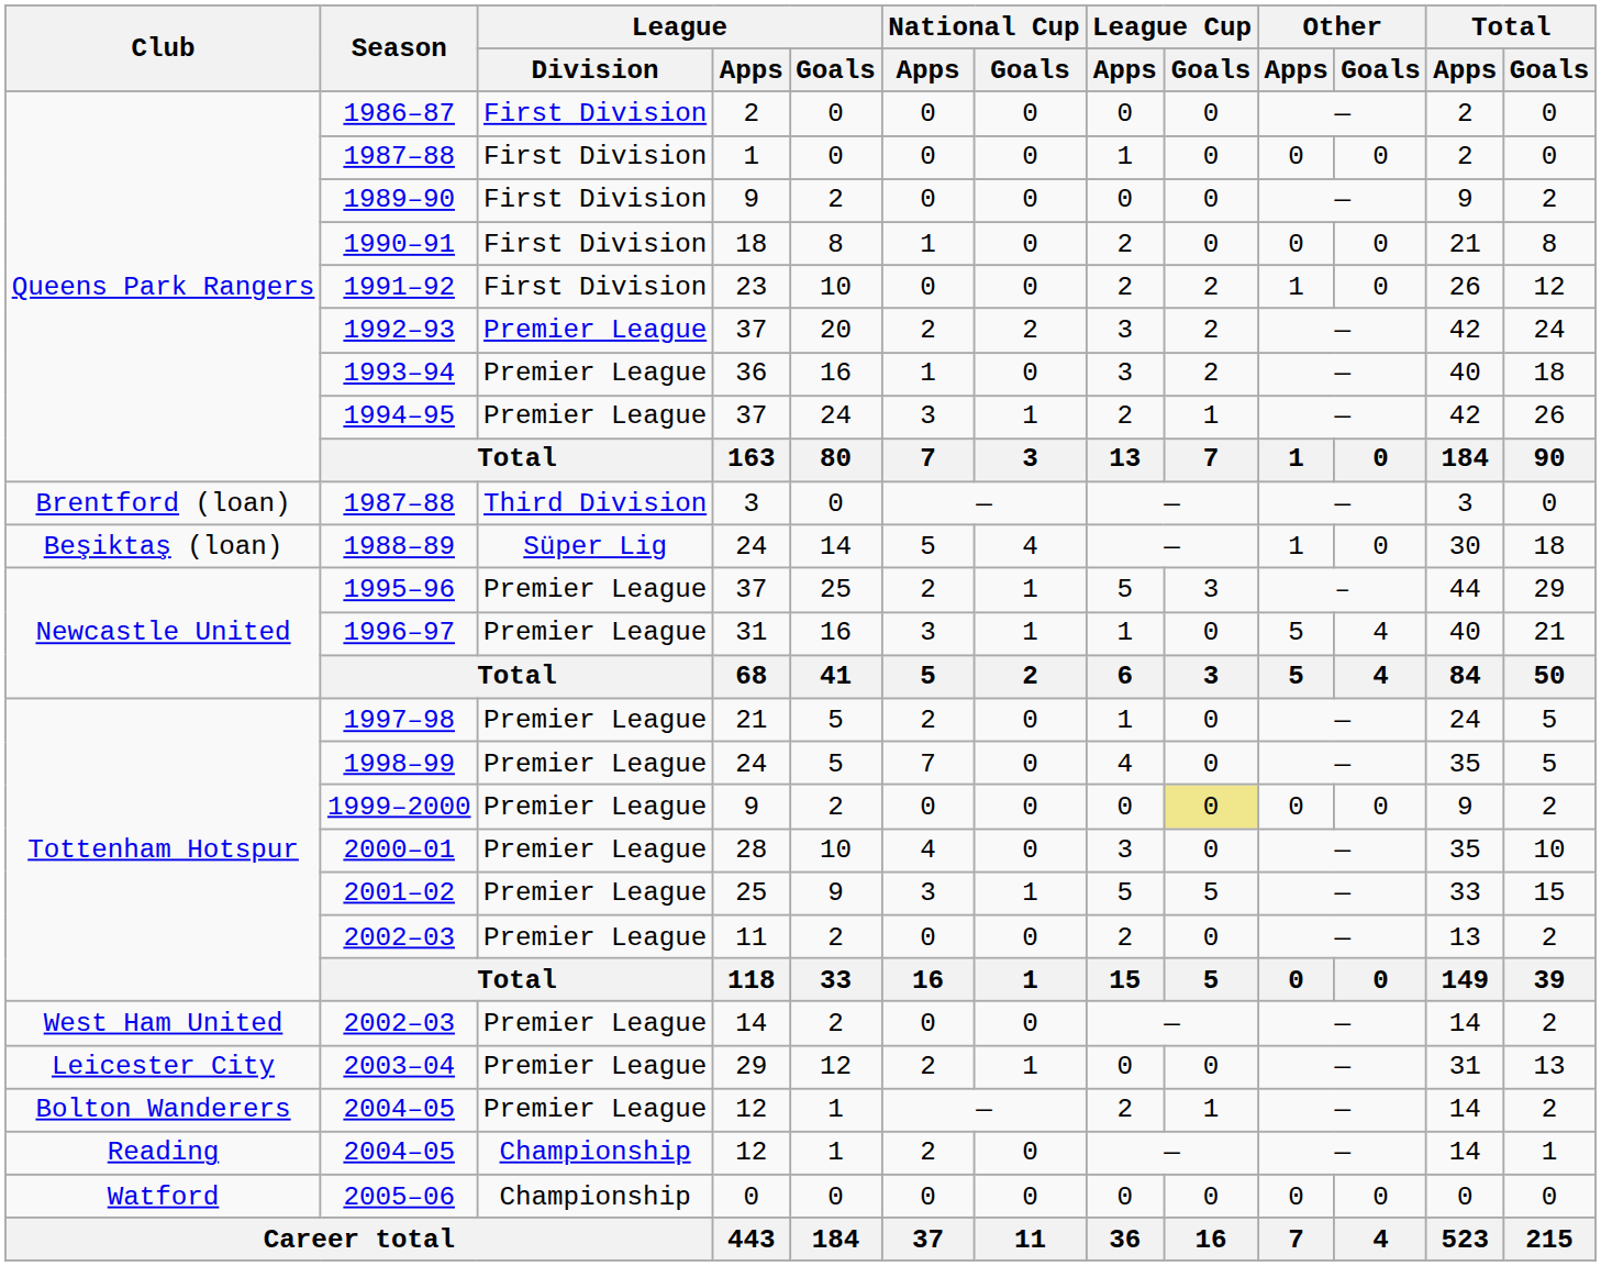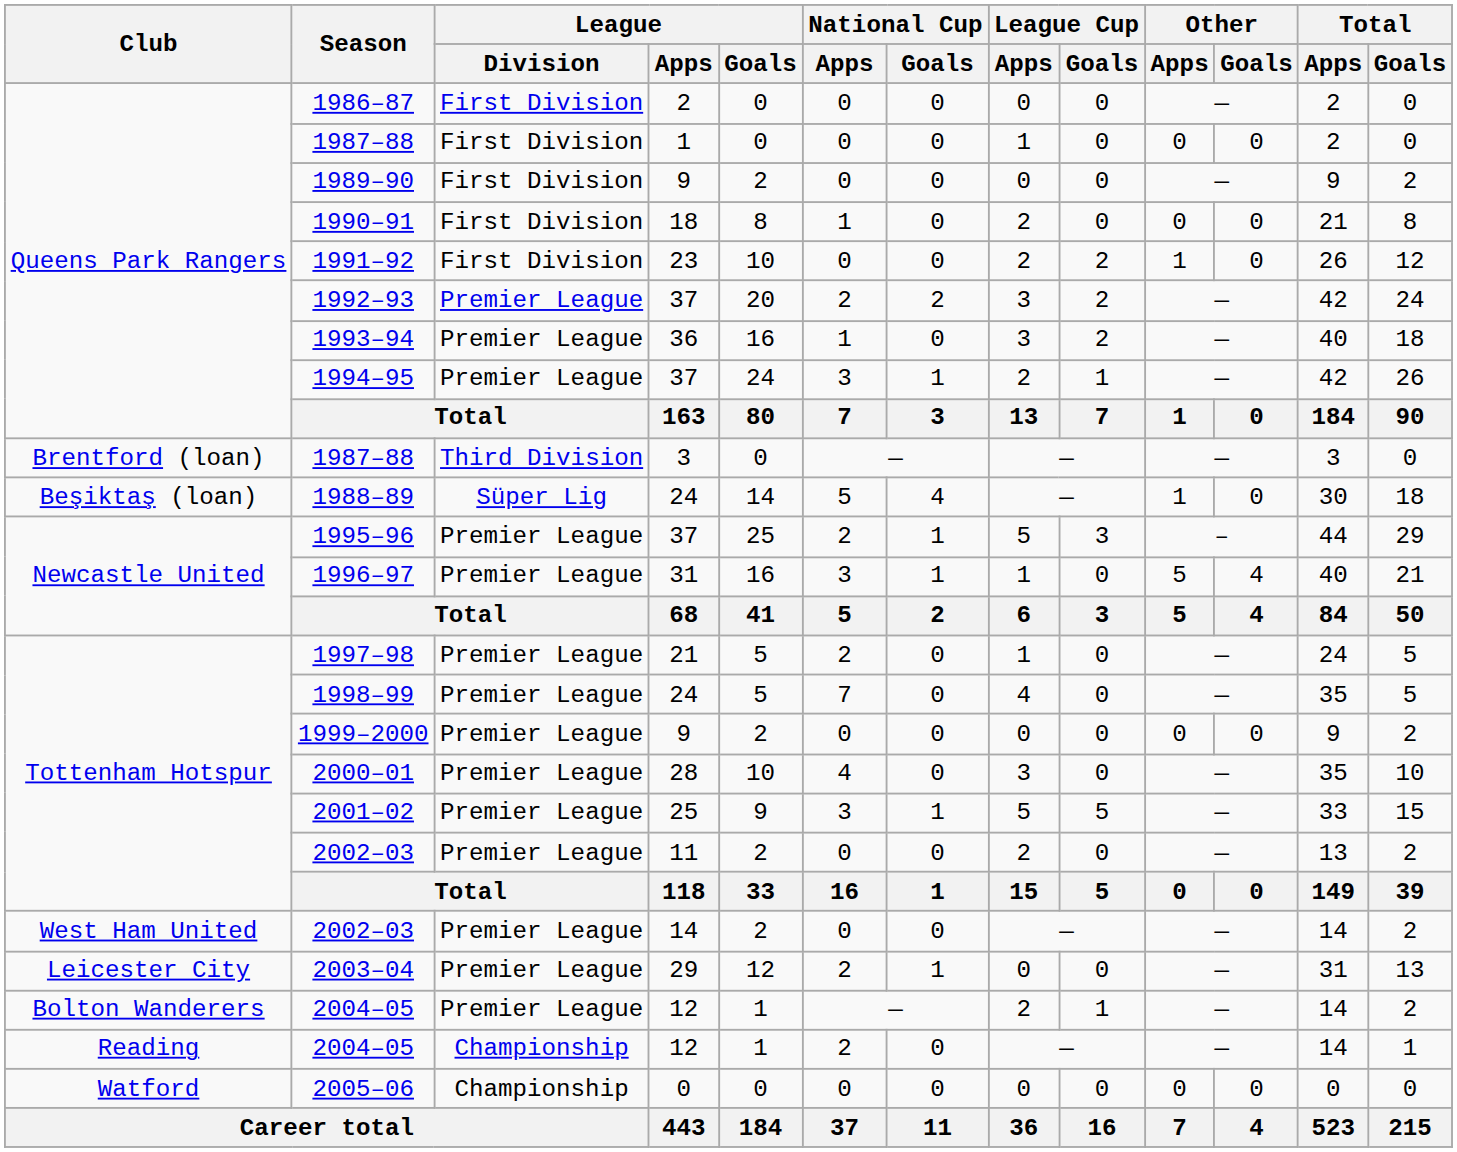 <table class="wikitable" style="text-align: center;">
 <tr>
 <th rowspan="2">Club</th>
 <th rowspan="2">Season</th>
 <th colspan="3">League</th>
 <th colspan="2">National Cup</th>
 <th colspan="2">League Cup</th>
 <th colspan="2">Other</th>
 <th colspan="2">Total</th>
 </tr>
 <tr>
 <th>Division</th>
 <th>Apps</th>
 <th>Goals</th>
 <th>Apps</th>
 <th>Goals</th>
 <th>Apps</th>
 <th>Goals</th>
 <th>Apps</th>
 <th>Goals</th>
 <th>Apps</th>
 <th>Goals</th>
 </tr>
 <tr>
 <td rowspan="9"><a href='#'>Queens Park Rangers</a></td>
 <td><a href='#'>1986–87</a></td>
 <td><a href='#'>First Division</a></td>
 <td>2</td>
 <td>0</td>
 <td>0</td>
 <td>0</td>
 <td>0</td>
 <td>0</td>
 <td colspan="2">—</td>
 <td>2</td>
 <td>0</td>
 </tr>
 <tr>
 <td><a href='#'>1987–88</a></td>
 <td>First Division</td>
 <td>1</td>
 <td>0</td>
 <td>0</td>
 <td>0</td>
 <td>1</td>
 <td>0</td>
 <td>0</td>
 <td>0</td>
 <td>2</td>
 <td>0</td>
 </tr>
 <tr>
 <td><a href='#'>1989–90</a></td>
 <td>First Division</td>
 <td>9</td>
 <td>2</td>
 <td>0</td>
 <td>0</td>
 <td>0</td>
 <td>0</td>
 <td colspan="2">—</td>
 <td>9</td>
 <td>2</td>
 </tr>
 <tr>
 <td><a href='#'>1990–91</a></td>
 <td>First Division</td>
 <td>18</td>
 <td>8</td>
 <td>1</td>
 <td>0</td>
 <td>2</td>
 <td>0</td>
 <td>0</td>
 <td>0</td>
 <td>21</td>
 <td>8</td>
 </tr>
 <tr>
 <td><a href='#'>1991–92</a></td>
 <td>First Division</td>
 <td>23</td>
 <td>10</td>
 <td>0</td>
 <td>0</td>
 <td>2</td>
 <td>2</td>
 <td>1</td>
 <td>0</td>
 <td>26</td>
 <td>12</td>
 </tr>
 <tr>
 <td><a href='#'>1992–93</a></td>
 <td><a href='#'>Premier League</a></td>
 <td>37</td>
 <td>20</td>
 <td>2</td>
 <td>2</td>
 <td>3</td>
 <td>2</td>
 <td colspan="2">—</td>
 <td>42</td>
 <td>24</td>
 </tr>
 <tr>
 <td><a href='#'>1993–94</a></td>
 <td>Premier League</td>
 <td>36</td>
 <td>16</td>
 <td>1</td>
 <td>0</td>
 <td>3</td>
 <td>2</td>
 <td colspan="2">—</td>
 <td>40</td>
 <td>18</td>
 </tr>
 <tr>
 <td><a href='#'>1994–95</a></td>
 <td>Premier League</td>
 <td>37</td>
 <td>24</td>
 <td>3</td>
 <td>1</td>
 <td>2</td>
 <td>1</td>
 <td colspan="2">—</td>
 <td>42</td>
 <td>26</td>
 </tr>
 <tr>
 <th colspan="2">Total</th>
 <th>163</th>
 <th>80</th>
 <th>7</th>
 <th>3</th>
 <th>13</th>
 <th>7</th>
 <th>1</th>
 <th>0</th>
 <th>184</th>
 <th>90</th>
 </tr>
 <tr>
 <td><a href='#'>Brentford</a> (loan)</td>
 <td><a href='#'>1987–88</a></td>
 <td><a href='#'>Third Division</a></td>
 <td>3</td>
 <td>0</td>
 <td colspan="2">—</td>
 <td colspan="2">—</td>
 <td colspan="2">—</td>
 <td>3</td>
 <td>0</td>
 </tr>
 <tr>
 <td><a href='#'>Beşiktaş</a> (loan)</td>
 <td><a href='#'>1988–89</a></td>
 <td><a href='#'>Süper Lig</a></td>
 <td>24</td>
 <td>14</td>
 <td>5</td>
 <td>4</td>
 <td colspan="2">—</td>
 <td>1</td>
 <td>0</td>
 <td>30</td>
 <td>18</td>
 </tr>
 <tr>
 <td rowspan="3"><a href='#'>Newcastle United</a></td>
 <td><a href='#'>1995–96</a></td>
 <td>Premier League</td>
 <td>37</td>
 <td>25</td>
 <td>2</td>
 <td>1</td>
 <td>5</td>
 <td>3</td>
 <td colspan="2">–</td>
 <td>44</td>
 <td>29</td>
 </tr>
 <tr>
 <td><a href='#'>1996–97</a></td>
 <td>Premier League</td>
 <td>31</td>
 <td>16</td>
 <td>3</td>
 <td>1</td>
 <td>1</td>
 <td>0</td>
 <td>5</td>
 <td>4</td>
 <td>40</td>
 <td>21</td>
 </tr>
 <tr>
 <th colspan="2">Total</th>
 <th>68</th>
 <th>41</th>
 <th>5</th>
 <th>2</th>
 <th>6</th>
 <th>3</th>
 <th>5</th>
 <th>4</th>
 <th>84</th>
 <th>50</th>
 </tr>
 <tr>
 <td rowspan="7"><a href='#'>Tottenham Hotspur</a></td>
 <td><a href='#'>1997–98</a></td>
 <td>Premier League</td>
 <td>21</td>
 <td>5</td>
 <td>2</td>
 <td>0</td>
 <td>1</td>
 <td>0</td>
 <td colspan="2">—</td>
 <td>24</td>
 <td>5</td>
 </tr>
 <tr>
 <td><a href='#'>1998–99</a></td>
 <td>Premier League</td>
 <td>24</td>
 <td>5</td>
 <td>7</td>
 <td>0</td>
 <td>4</td>
 <td>0</td>
 <td colspan="2">—</td>
 <td>35</td>
 <td>5</td>
 </tr>
 <tr>
 <td><a href='#'>1999–2000</a></td>
 <td>Premier League</td>
 <td>9</td>
 <td>2</td>
 <td>0</td>
 <td>0</td>
 <td>0</td>
-<td style="background: khaki;">0</td>
+<td>0</td>
 <td>0</td>
 <td>0</td>
 <td>9</td>
 <td>2</td>
 </tr>
 <tr>
 <td><a href='#'>2000–01</a></td>
 <td>Premier League</td>
 <td>28</td>
 <td>10</td>
 <td>4</td>
 <td>0</td>
 <td>3</td>
 <td>0</td>
 <td colspan="2">—</td>
 <td>35</td>
 <td>10</td>
 </tr>
 <tr>
 <td><a href='#'>2001–02</a></td>
 <td>Premier League</td>
 <td>25</td>
 <td>9</td>
 <td>3</td>
 <td>1</td>
 <td>5</td>
 <td>5</td>
 <td colspan="2">—</td>
 <td>33</td>
 <td>15</td>
 </tr>
 <tr>
 <td><a href='#'>2002–03</a></td>
 <td>Premier League</td>
 <td>11</td>
 <td>2</td>
 <td>0</td>
 <td>0</td>
 <td>2</td>
 <td>0</td>
 <td colspan="2">—</td>
 <td>13</td>
 <td>2</td>
 </tr>
 <tr>
 <th colspan="2">Total</th>
 <th>118</th>
 <th>33</th>
 <th>16</th>
 <th>1</th>
 <th>15</th>
 <th>5</th>
 <th>0</th>
 <th>0</th>
 <th>149</th>
 <th>39</th>
 </tr>
 <tr>
 <td><a href='#'>West Ham United</a></td>
 <td><a href='#'>2002–03</a></td>
 <td>Premier League</td>
 <td>14</td>
 <td>2</td>
 <td>0</td>
 <td>0</td>
 <td colspan="2">—</td>
 <td colspan="2">—</td>
 <td>14</td>
 <td>2</td>
 </tr>
 <tr>
 <td><a href='#'>Leicester City</a></td>
 <td><a href='#'>2003–04</a></td>
 <td>Premier League</td>
 <td>29</td>
 <td>12</td>
 <td>2</td>
 <td>1</td>
 <td>0</td>
 <td>0</td>
 <td colspan="2">—</td>
 <td>31</td>
 <td>13</td>
 </tr>
 <tr>
 <td><a href='#'>Bolton Wanderers</a></td>
 <td><a href='#'>2004–05</a></td>
 <td>Premier League</td>
 <td>12</td>
 <td>1</td>
 <td colspan="2">—</td>
 <td>2</td>
 <td>1</td>
 <td colspan="2">—</td>
 <td>14</td>
 <td>2</td>
 </tr>
 <tr>
 <td><a href='#'>Reading</a></td>
 <td><a href='#'>2004–05</a></td>
 <td><a href='#'>Championship</a></td>
 <td>12</td>
 <td>1</td>
 <td>2</td>
 <td>0</td>
 <td colspan="2">—</td>
 <td colspan="2">—</td>
 <td>14</td>
 <td>1</td>
 </tr>
 <tr>
 <td><a href='#'>Watford</a></td>
 <td><a href='#'>2005–06</a></td>
 <td>Championship</td>
 <td>0</td>
 <td>0</td>
 <td>0</td>
 <td>0</td>
 <td>0</td>
 <td>0</td>
 <td>0</td>
 <td>0</td>
 <td>0</td>
 <td>0</td>
 </tr>
 <tr>
 <th colspan="3">Career total</th>
 <th>443</th>
 <th>184</th>
 <th>37</th>
 <th>11</th>
 <th>36</th>
 <th>16</th>
 <th>7</th>
 <th>4</th>
 <th>523</th>
 <th>215</th>
 </tr>
 </table>
